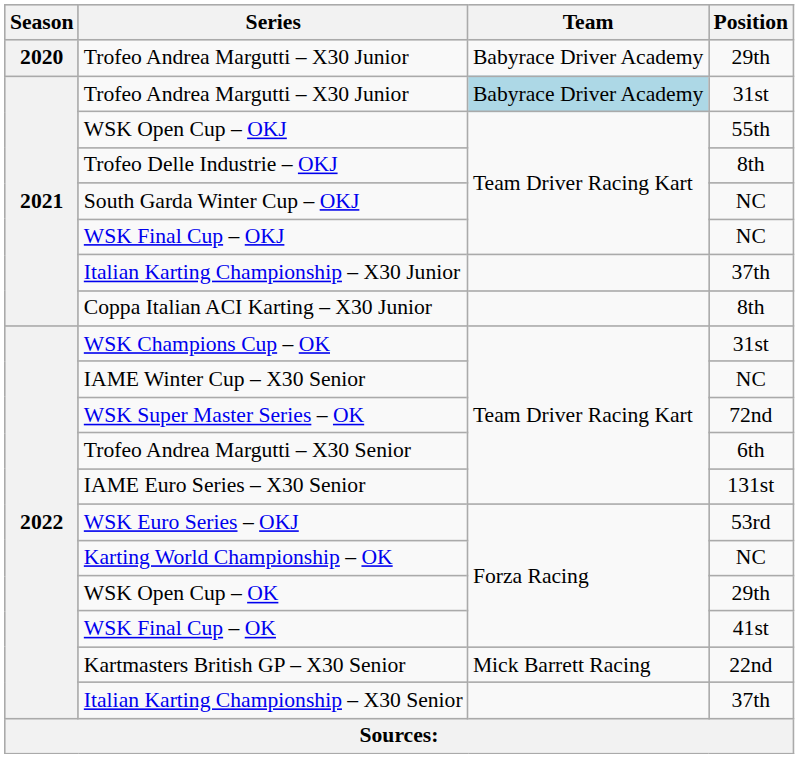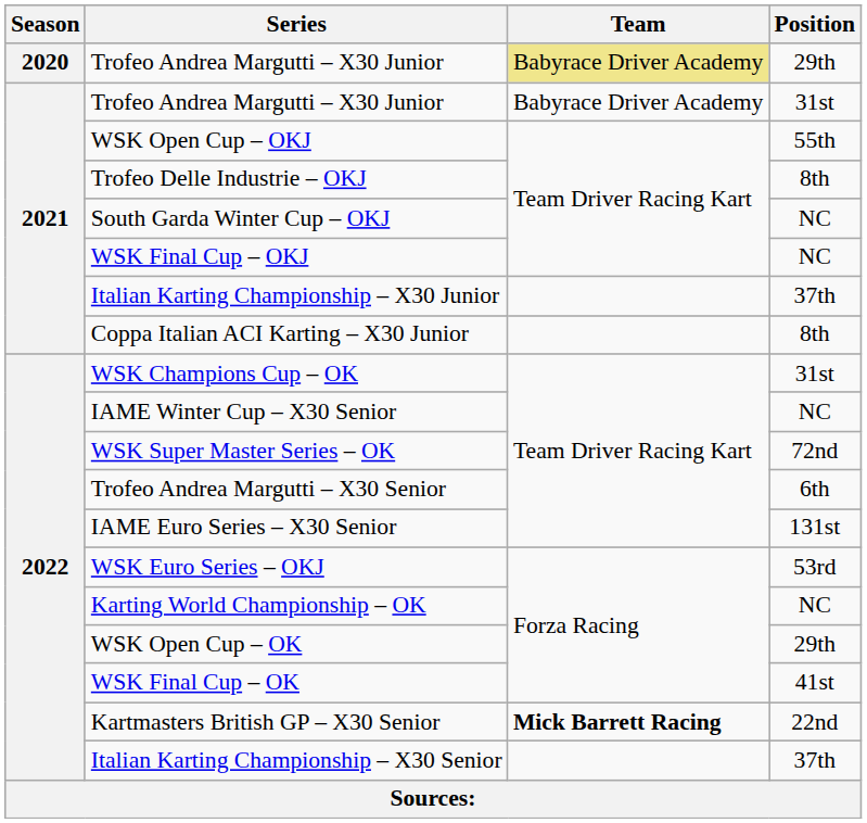 <table class="wikitable" style="font-size: 85%; text-align:center">
 <tr>
 <th>Season</th>
 <th>Series</th>
 <th>Team</th>
 <th>Position</th>
 </tr>
 <tr>
 <th>2020</th>
 <td align="left">Trofeo Andrea Margutti – X30 Junior</td>
-<td align="left">Babyrace Driver Academy</td>
+<td align="left" style="background: khaki;">Babyrace Driver Academy</td>
 <td style="background:#;">29th</td>
 </tr>
 <tr>
 <th rowspan="7">2021</th>
 <td align="left">Trofeo Andrea Margutti – X30 Junior</td>
-<td align="left" style="background: lightblue;">Babyrace Driver Academy</td>
+<td align="left">Babyrace Driver Academy</td>
 <td style="background:#;">31st</td>
 </tr>
 <tr>
 <td align="left">WSK Open Cup – <a href='#'>OKJ</a></td>
 <td align="left" rowspan="4">Team Driver Racing Kart</td>
 <td style="background:#;">55th</td>
 </tr>
 <tr>
 <td align="left">Trofeo Delle Industrie – <a href='#'>OKJ</a></td>
 <td style="background:#;">8th</td>
 </tr>
 <tr>
 <td align="left">South Garda Winter Cup – <a href='#'>OKJ</a></td>
 <td style="background:#;">NC</td>
 </tr>
 <tr>
 <td align="left"><a href='#'>WSK Final Cup</a> – <a href='#'>OKJ</a></td>
 <td style="background:#;">NC</td>
 </tr>
 <tr>
 <td align="left"><a href='#'>Italian Karting Championship</a> – X30 Junior</td>
 <td align="left"></td>
 <td style="background:#;">37th</td>
 </tr>
 <tr>
 <td align="left">Coppa Italian ACI Karting – X30 Junior</td>
 <td align="left"></td>
 <td style="background:#;">8th</td>
 </tr>
 <tr>
 <th rowspan="11">2022</th>
 <td align="left"><a href='#'>WSK Champions Cup</a> – <a href='#'>OK</a></td>
 <td align="left" rowspan="5">Team Driver Racing Kart</td>
 <td style="background:#;">31st</td>
 </tr>
 <tr>
 <td align="left">IAME Winter Cup – X30 Senior</td>
 <td style="background:#;">NC</td>
 </tr>
 <tr>
 <td align="left"><a href='#'>WSK Super Master Series</a> – <a href='#'>OK</a> </td>
 <td style="background:#;">72nd</td>
 </tr>
 <tr>
 <td align="left">Trofeo Andrea Margutti – X30 Senior</td>
 <td style="background:#;">6th</td>
 </tr>
 <tr>
 <td align="left">IAME Euro Series – X30 Senior</td>
 <td style="background:#;">131st</td>
 </tr>
 <tr>
 <td align="left"><a href='#'>WSK Euro Series</a> – <a href='#'>OKJ</a></td>
 <td align="left" rowspan="4">Forza Racing</td>
 <td style="background:#;">53rd</td>
 </tr>
 <tr>
 <td align="left"><a href='#'>Karting World Championship</a> – <a href='#'>OK</a></td>
 <td style="background:#;">NC</td>
 </tr>
 <tr>
 <td align="left">WSK Open Cup – <a href='#'>OK</a></td>
 <td style="background:#;">29th</td>
 </tr>
 <tr>
 <td align="left"><a href='#'>WSK Final Cup</a> – <a href='#'>OK</a></td>
 <td style="background:#;">41st</td>
 </tr>
 <tr>
 <td align="left">Kartmasters British GP – X30 Senior</td>
-<td align="left">Mick Barrett Racing</td>
+<td align="left"><strong>Mick Barrett Racing</strong></td>
 <td style="background:#;">22nd</td>
 </tr>
 <tr>
 <td align="left"><a href='#'>Italian Karting Championship</a> – X30 Senior</td>
 <td align="left"></td>
 <td style="background:#;">37th</td>
 </tr>
 <tr>
 <th colspan="4">Sources:</th>
 </tr>
 </table>
